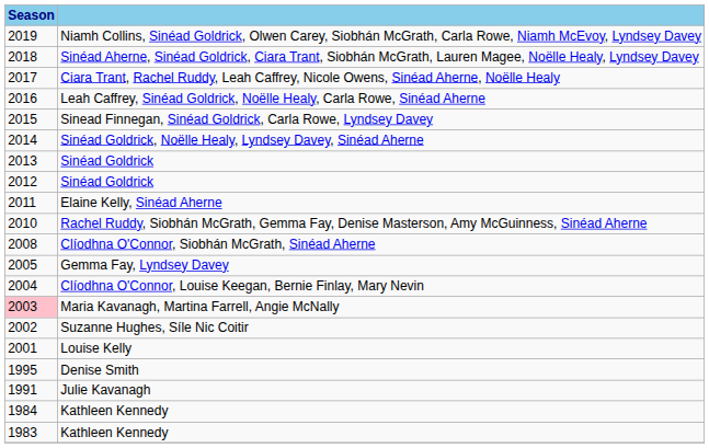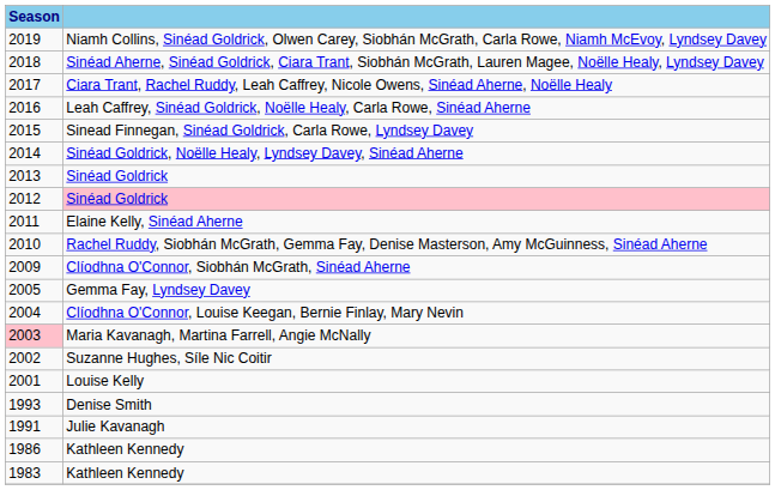 <table class="wikitable collapsible">
 <tr>
 <th style="background:skyblue; color:navy;">Season</th>
 <th style="background:skyblue; color:navy;"></th>
 </tr>
 <tr>
 <td>2019 </td>
 <td>Niamh Collins, <a href='#'>Sinéad Goldrick</a>, Olwen Carey, Siobhán McGrath, Carla Rowe, <a href='#'>Niamh McEvoy</a>, <a href='#'>Lyndsey Davey</a></td>
 </tr>
 <tr>
 <td>2018 </td>
 <td><a href='#'>Sinéad Aherne</a>, <a href='#'>Sinéad Goldrick</a>, <a href='#'>Ciara Trant</a>, Siobhán McGrath, Lauren Magee, <a href='#'>Noëlle Healy</a>, <a href='#'>Lyndsey Davey</a></td>
 </tr>
 <tr>
 <td>2017 </td>
 <td><a href='#'>Ciara Trant</a>, <a href='#'>Rachel Ruddy</a>, Leah Caffrey, Nicole Owens, <a href='#'>Sinéad Aherne</a>, <a href='#'>Noëlle Healy</a></td>
 </tr>
 <tr>
 <td>2016 </td>
 <td>Leah Caffrey, <a href='#'>Sinéad Goldrick</a>, <a href='#'>Noëlle Healy</a>, Carla Rowe, <a href='#'>Sinéad Aherne</a></td>
 </tr>
 <tr>
 <td>2015 </td>
 <td>Sinead Finnegan, <a href='#'>Sinéad Goldrick</a>, Carla Rowe, <a href='#'>Lyndsey Davey</a></td>
 </tr>
 <tr>
 <td>2014 </td>
 <td><a href='#'>Sinéad Goldrick</a>, <a href='#'>Noëlle Healy</a>, <a href='#'>Lyndsey Davey</a>, <a href='#'>Sinéad Aherne</a></td>
 </tr>
 <tr>
 <td>2013 </td>
 <td><a href='#'>Sinéad Goldrick</a></td>
 </tr>
 <tr>
 <td>2012 </td>
-<td><a href='#'>Sinéad Goldrick</a></td>
+<td style="background: pink;"><a href='#'>Sinéad Goldrick</a></td>
 </tr>
 <tr>
 <td>2011 </td>
 <td>Elaine Kelly, <a href='#'>Sinéad Aherne</a></td>
 </tr>
 <tr>
 <td>2010 </td>
 <td><a href='#'>Rachel Ruddy</a>, Siobhán McGrath, Gemma Fay, Denise Masterson, Amy McGuinness, <a href='#'>Sinéad Aherne</a></td>
 </tr>
 <tr>
-<td>2008 </td>
+<td>2009 </td>
 <td><a href='#'>Clíodhna O'Connor</a>, Siobhán McGrath,  <a href='#'>Sinéad Aherne</a></td>
 </tr>
 <tr>
 <td>2005 </td>
 <td>Gemma Fay, <a href='#'>Lyndsey Davey</a></td>
 </tr>
 <tr>
 <td>2004 </td>
 <td><a href='#'>Clíodhna O'Connor</a>, Louise Keegan, Bernie Finlay, Mary Nevin</td>
 </tr>
 <tr>
 <td style="background: pink;">2003 </td>
 <td>Maria Kavanagh, Martina Farrell, Angie McNally</td>
 </tr>
 <tr>
 <td>2002 </td>
 <td>Suzanne Hughes, Síle Nic Coitir</td>
 </tr>
 <tr>
 <td>2001 </td>
 <td>Louise Kelly</td>
 </tr>
 <tr>
-<td>1995 </td>
+<td>1993 </td>
 <td>Denise Smith</td>
 </tr>
 <tr>
 <td>1991 </td>
 <td>Julie Kavanagh</td>
 </tr>
 <tr>
-<td>1984 </td>
+<td>1986 </td>
 <td>Kathleen Kennedy</td>
 </tr>
 <tr>
 <td>1983 </td>
 <td>Kathleen Kennedy</td>
 </tr>
 <tr>
 </tr>
 </table>
